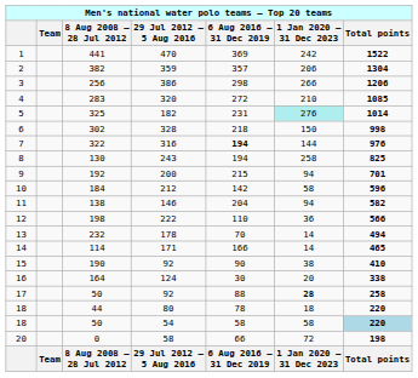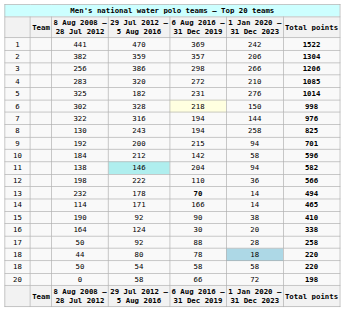 <table class="wikitable" style="text-align: center; font-size: 90%; margin-left: 1em;">
 <tr>
 <th colspan="7" style="background-color: #ccffff;">Men's national water polo teams – Top 20 teams</th>
 </tr>
 <tr>
 <th style="width: 3em;"></th>
 <th>Team</th>
 <th>8 Aug 2008 –<br>28 Jul 2012</th>
 <th>29 Jul 2012 –<br>5 Aug 2016</th>
 <th>6 Aug 2016 –<br>31 Dec 2019</th>
 <th>1 Jan 2020 –<br>31 Dec 2023</th>
 <th>Total points</th>
 </tr>
 <tr>
 <td>1</td>
 <td style="text-align: left;"></td>
 <td>441</td>
 <td>470</td>
 <td>369</td>
 <td>242</td>
 <td><strong>1522</strong></td>
 </tr>
 <tr>
 <td>2</td>
 <td style="text-align: left;"></td>
 <td>382</td>
 <td>359</td>
 <td>357</td>
 <td>206</td>
 <td><strong>1304</strong></td>
 </tr>
 <tr>
 <td>3</td>
 <td style="text-align: left;"></td>
 <td>256</td>
 <td>386</td>
 <td>298</td>
 <td>266</td>
 <td><strong>1206</strong></td>
 </tr>
 <tr>
 <td>4</td>
 <td style="text-align: left;"></td>
 <td>283</td>
 <td>320</td>
 <td>272</td>
 <td>210</td>
 <td><strong>1085</strong></td>
 </tr>
 <tr>
 <td>5</td>
 <td style="text-align: left;"></td>
 <td>325</td>
 <td>182</td>
 <td>231</td>
-<td style="background: paleturquoise;">276</td>
+<td>276</td>
 <td><strong>1014</strong></td>
 </tr>
 <tr>
 <td>6</td>
 <td style="text-align: left;"></td>
 <td>302</td>
 <td>328</td>
-<td>218</td>
+<td style="background: lightyellow;">218</td>
 <td>150</td>
 <td><strong>998</strong></td>
 </tr>
 <tr>
 <td>7</td>
 <td style="text-align: left;"></td>
 <td>322</td>
 <td>316</td>
-<td><strong>194</strong></td>
+<td>194</td>
 <td>144</td>
 <td><strong>976</strong></td>
 </tr>
 <tr>
 <td>8</td>
 <td style="text-align: left;"></td>
 <td>130</td>
 <td>243</td>
 <td>194</td>
 <td>258</td>
 <td><strong>825</strong></td>
 </tr>
 <tr>
 <td>9</td>
 <td style="text-align: left;"></td>
 <td>192</td>
 <td>200</td>
 <td>215</td>
 <td>94</td>
 <td><strong>701</strong></td>
 </tr>
 <tr>
 <td>10</td>
 <td style="text-align: left;"></td>
 <td>184</td>
 <td>212</td>
 <td>142</td>
 <td>58</td>
 <td><strong>596</strong></td>
 </tr>
 <tr>
 <td>11</td>
 <td style="text-align: left;"></td>
 <td>138</td>
-<td>146</td>
+<td style="background: paleturquoise;">146</td>
 <td>204</td>
 <td>94</td>
 <td><strong>582</strong></td>
 </tr>
 <tr>
 <td>12</td>
 <td style="text-align: left;"></td>
 <td>198</td>
 <td>222</td>
 <td>110</td>
 <td>36</td>
 <td><strong>566</strong></td>
 </tr>
 <tr>
 <td>13</td>
 <td style="text-align: left;"></td>
 <td>232</td>
 <td>178</td>
-<td>70</td>
+<td><strong>70</strong></td>
 <td>14</td>
 <td><strong>494</strong></td>
 </tr>
 <tr>
 <td>14</td>
 <td style="text-align: left;"></td>
 <td>114</td>
 <td>171</td>
 <td>166</td>
 <td>14</td>
 <td><strong>465</strong></td>
 </tr>
 <tr>
 <td>15</td>
 <td style="text-align: left;"></td>
 <td>190</td>
 <td>92</td>
 <td>90</td>
 <td>38</td>
 <td><strong>410</strong></td>
 </tr>
 <tr>
 <td>16</td>
 <td style="text-align: left;"></td>
 <td>164</td>
 <td>124</td>
 <td>30</td>
 <td>20</td>
 <td><strong>338</strong></td>
 </tr>
 <tr>
 <td>17</td>
 <td style="text-align: left;"></td>
 <td>50</td>
 <td>92</td>
 <td>88</td>
-<td><strong>28</strong></td>
+<td>28</td>
 <td><strong>258</strong></td>
 </tr>
 <tr>
 <td>18</td>
 <td style="text-align: left;"></td>
 <td>44</td>
 <td>80</td>
 <td>78</td>
-<td>18</td>
+<td style="background: lightblue;">18</td>
 <td><strong>220</strong></td>
 </tr>
 <tr>
 <td>18</td>
 <td style="text-align: left;"></td>
 <td>50</td>
 <td>54</td>
 <td>58</td>
 <td>58</td>
-<td style="background: lightblue;"><strong>220</strong></td>
+<td><strong>220</strong></td>
 </tr>
 <tr>
 <td>20</td>
 <td style="text-align: left;"></td>
 <td>0</td>
 <td>58</td>
 <td>66</td>
 <td>72</td>
 <td><strong>198</strong></td>
 </tr>
 <tr>
 <th style="width: 3em;"></th>
 <th>Team</th>
 <th>8 Aug 2008 –<br>28 Jul 2012</th>
 <th>29 Jul 2012 –<br>5 Aug 2016</th>
 <th>6 Aug 2016 –<br>31 Dec 2019</th>
 <th>1 Jan 2020 –<br>31 Dec 2023</th>
 <th>Total points</th>
 </tr>
 </table>
